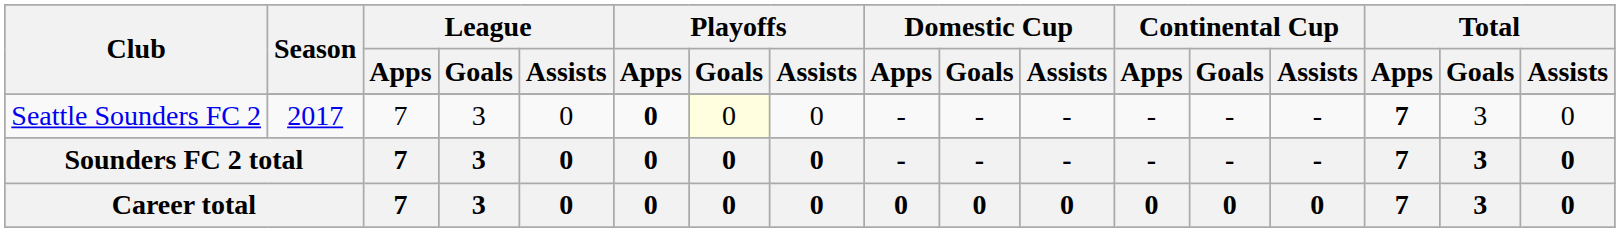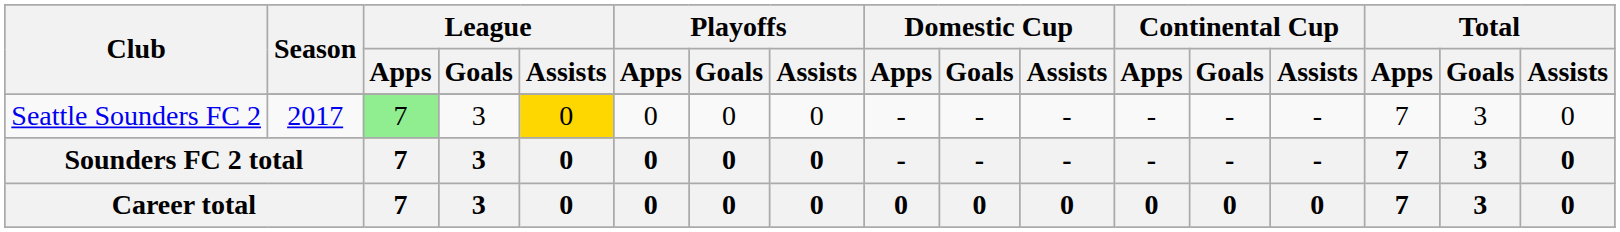 <table class="wikitable" style="text-align: center;">
 <tr>
 <th rowspan="2">Club</th>
 <th rowspan="2">Season</th>
 <th colspan="3">League</th>
 <th colspan="3">Playoffs</th>
 <th colspan="3">Domestic Cup</th>
 <th colspan="3">Continental Cup</th>
 <th colspan="3">Total</th>
 </tr>
 <tr>
 <th>Apps</th>
 <th>Goals</th>
 <th>Assists</th>
 <th>Apps</th>
 <th>Goals</th>
 <th>Assists</th>
 <th>Apps</th>
 <th>Goals</th>
 <th>Assists</th>
 <th>Apps</th>
 <th>Goals</th>
 <th>Assists</th>
 <th>Apps</th>
 <th>Goals</th>
 <th>Assists</th>
 </tr>
 <tr>
 <td rowspan="2"><a href='#'>Seattle Sounders FC 2</a></td>
 </tr>
 <tr>
 <td><a href='#'>2017</a></td>
-<td>7</td>
+<td style="background: lightgreen;">7</td>
 <td>3</td>
+<td style="background: gold;">0</td>
 <td>0</td>
-<td><strong>0</strong></td>
-<td style="background: lightyellow;">0</td>
+<td>0</td>
 <td>0</td>
 <td>-</td>
 <td>-</td>
 <td>-</td>
 <td>-</td>
 <td>-</td>
 <td>-</td>
-<td><strong>7</strong></td>
+<td>7</td>
 <td>3</td>
 <td>0</td>
 </tr>
 <tr>
 <th colspan="2">Sounders FC 2 total</th>
 <th>7</th>
 <th>3</th>
 <th>0</th>
 <th>0</th>
 <th>0</th>
 <th>0</th>
 <th>-</th>
 <th>-</th>
 <th>-</th>
 <th>-</th>
 <th>-</th>
 <th>-</th>
 <th>7</th>
 <th>3</th>
 <th>0</th>
 </tr>
 <tr>
 <th colspan="2">Career total</th>
 <th>7</th>
 <th>3</th>
 <th>0</th>
 <th>0</th>
 <th>0</th>
 <th>0</th>
 <th>0</th>
 <th>0</th>
 <th>0</th>
 <th>0</th>
 <th>0</th>
 <th>0</th>
 <th>7</th>
 <th>3</th>
 <th>0</th>
 </tr>
 </table>
